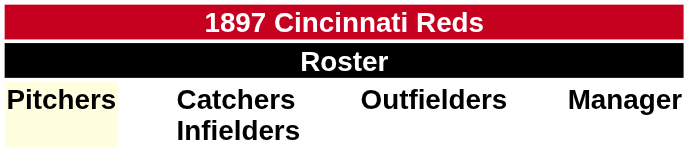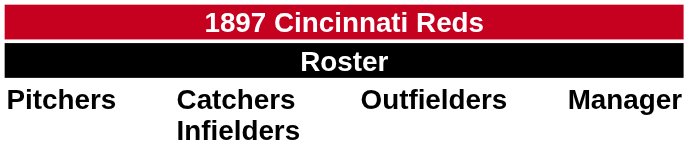 <table class="toccolours" style="font-size: 95%;">
 <tr>
 <th colspan="10" style="background-color: #c6011f; color: white; text-align: center;">1897 Cincinnati Reds</th>
 </tr>
 <tr>
 <td colspan="10" style="background-color: black; color: white; text-align: center;"><strong>Roster</strong></td>
 </tr>
 <tr>
-<td valign="top" style="background: lightyellow;"><strong>Pitchers</strong><br>     </td>
+<td valign="top"><strong>Pitchers</strong><br>     </td>
 <td width="25px"></td>
 <td valign="top"><strong>Catchers</strong><br>  <strong>Infielders</strong>       </td>
 <td width="25px"></td>
 <td valign="top"><strong>Outfielders</strong><br>   </td>
 <td width="25px"></td>
 <td valign="top"><strong>Manager</strong><br></td>
 </tr>
 </table>
